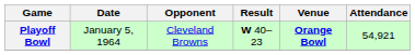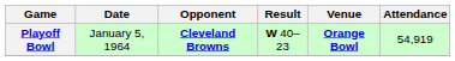 <table class="wikitable" style="text-align:center">
 <tr>
 <th>Game</th>
 <th>Date</th>
 <th>Opponent</th>
 <th>Result</th>
 <th>Venue</th>
 <th>Attendance</th>
 </tr>
 <tr style="background:#cfc">
 <th><a href='#'>Playoff Bowl</a></th>
 <td>January 5, 1964</td>
-<td><a href='#'>Cleveland Browns</a></td>
+<td><strong><a href='#'>Cleveland Browns</a></strong></td>
 <td><strong>W</strong> 40–23</td>
 <td><strong><a href='#'>Orange Bowl</a></strong></td>
-<td>54,921</td>
+<td>54,919</td>
 </tr>
 <tr>
 </tr>
 </table>
